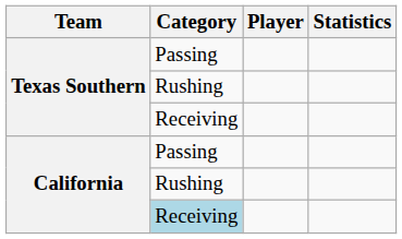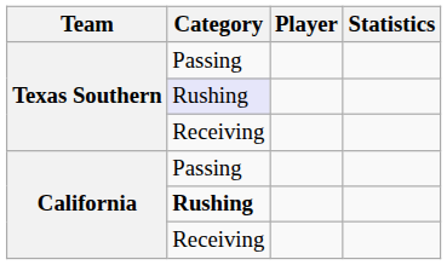 <table class="wikitable" style="float:right">
 <tr>
 <th>Team</th>
 <th>Category</th>
 <th>Player</th>
 <th>Statistics</th>
 </tr>
 <tr>
 <th rowspan=3>Texas Southern</th>
 <td>Passing</td>
 <td></td>
 <td></td>
 </tr>
 <tr>
-<td>Rushing</td>
+<td style="background: lavender;">Rushing</td>
 <td></td>
 <td></td>
 </tr>
 <tr>
 <td>Receiving</td>
 <td></td>
 <td></td>
 </tr>
 <tr>
 <th rowspan=3>California</th>
 <td>Passing</td>
 <td></td>
 <td></td>
 </tr>
 <tr>
-<td>Rushing</td>
+<td><strong>Rushing</strong></td>
 <td></td>
 <td></td>
 </tr>
 <tr>
-<td style="background: lightblue;">Receiving</td>
+<td>Receiving</td>
 <td></td>
 <td></td>
 </tr>
 </table>
